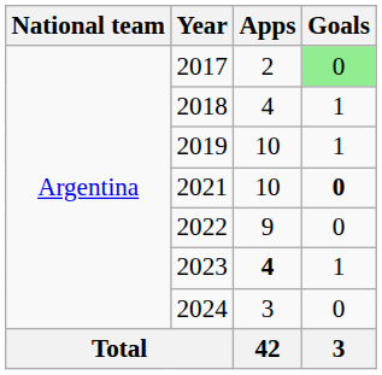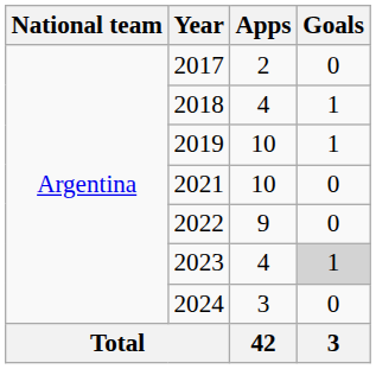 <table class="wikitable" style="text-align:center">
 <tr>
 <th>National team</th>
 <th>Year</th>
 <th>Apps</th>
 <th>Goals</th>
 </tr>
 <tr>
 <td rowspan="7"><a href='#'>Argentina</a></td>
 <td>2017</td>
 <td>2</td>
-<td style="background: lightgreen;">0</td>
+<td>0</td>
 </tr>
 <tr>
 <td>2018</td>
 <td>4</td>
 <td>1</td>
 </tr>
 <tr>
 <td>2019</td>
 <td>10</td>
 <td>1</td>
 </tr>
 <tr>
 <td>2021</td>
 <td>10</td>
-<td><strong>0</strong></td>
+<td>0</td>
 </tr>
 <tr>
 <td>2022</td>
 <td>9</td>
 <td>0</td>
 </tr>
 <tr>
 <td>2023</td>
-<td><strong>4</strong></td>
-<td>1</td>
+<td>4</td>
+<td style="background: lightgrey;">1</td>
 </tr>
 <tr>
 <td>2024</td>
 <td>3</td>
 <td>0</td>
 </tr>
 <tr>
 <th colspan="2">Total</th>
 <th>42</th>
 <th>3</th>
 </tr>
 </table>
